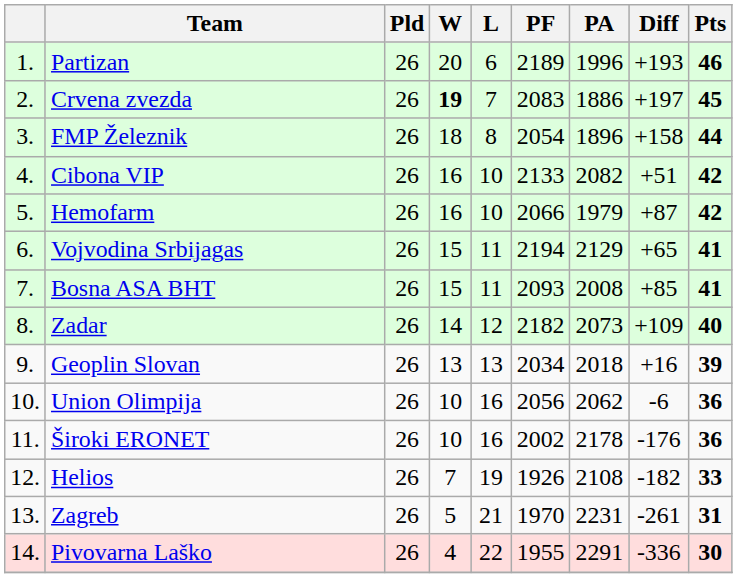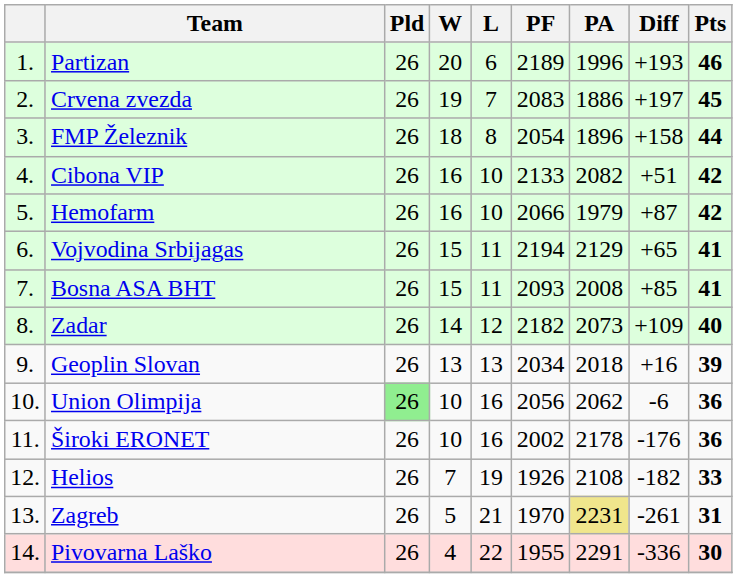 <table class="wikitable sortable" style="text-align:center">
 <tr>
 <th width=15></th>
 <th width=220>Team</th>
 <th width=20>Pld</th>
 <th width=20>W</th>
 <th width=20>L</th>
 <th width=20>PF</th>
 <th width=20>PA</th>
 <th width=30>Diff</th>
 <th width=20>Pts</th>
 </tr>
 <tr bgcolor="#ddffdd">
 <td>1.</td>
 <td align=left><a href='#'>Partizan</a></td>
 <td>26</td>
 <td>20</td>
 <td>6</td>
 <td>2189</td>
 <td>1996</td>
 <td>+193</td>
 <td><strong>46</strong></td>
 </tr>
 <tr bgcolor="#ddffdd">
 <td>2.</td>
 <td align=left><a href='#'>Crvena zvezda</a></td>
 <td>26</td>
-<td><strong>19</strong></td>
+<td>19</td>
 <td>7</td>
 <td>2083</td>
 <td>1886</td>
 <td>+197</td>
 <td><strong>45</strong></td>
 </tr>
 <tr bgcolor="#ddffdd">
 <td>3.</td>
 <td align=left><a href='#'>FMP Železnik</a></td>
 <td>26</td>
 <td>18</td>
 <td>8</td>
 <td>2054</td>
 <td>1896</td>
 <td>+158</td>
 <td><strong>44</strong></td>
 </tr>
 <tr bgcolor="#ddffdd">
 <td>4.</td>
 <td align=left><a href='#'>Cibona VIP</a></td>
 <td>26</td>
 <td>16</td>
 <td>10</td>
 <td>2133</td>
 <td>2082</td>
 <td>+51</td>
 <td><strong>42</strong></td>
 </tr>
 <tr bgcolor="#ddffdd">
 <td>5.</td>
 <td align=left><a href='#'>Hemofarm</a></td>
 <td>26</td>
 <td>16</td>
 <td>10</td>
 <td>2066</td>
 <td>1979</td>
 <td>+87</td>
 <td><strong>42</strong></td>
 </tr>
 <tr bgcolor="#ddffdd">
 <td>6.</td>
 <td align=left><a href='#'>Vojvodina Srbijagas</a></td>
 <td>26</td>
 <td>15</td>
 <td>11</td>
 <td>2194</td>
 <td>2129</td>
 <td>+65</td>
 <td><strong>41</strong></td>
 </tr>
 <tr bgcolor="#ddffdd">
 <td>7.</td>
 <td align=left><a href='#'>Bosna ASA BHT</a></td>
 <td>26</td>
 <td>15</td>
 <td>11</td>
 <td>2093</td>
 <td>2008</td>
 <td>+85</td>
 <td><strong>41</strong></td>
 </tr>
 <tr bgcolor="#ddffdd">
 <td>8.</td>
 <td align=left><a href='#'>Zadar</a></td>
 <td>26</td>
 <td>14</td>
 <td>12</td>
 <td>2182</td>
 <td>2073</td>
 <td>+109</td>
 <td><strong>40</strong></td>
 </tr>
 <tr>
 <td>9.</td>
 <td align=left><a href='#'>Geoplin Slovan</a></td>
 <td>26</td>
 <td>13</td>
 <td>13</td>
 <td>2034</td>
 <td>2018</td>
 <td>+16</td>
 <td><strong>39</strong></td>
 </tr>
 <tr>
 <td>10.</td>
 <td align=left><a href='#'>Union Olimpija</a></td>
-<td>26</td>
+<td style="background: lightgreen;">26</td>
 <td>10</td>
 <td>16</td>
 <td>2056</td>
 <td>2062</td>
 <td>-6</td>
 <td><strong>36</strong></td>
 </tr>
 <tr>
 <td>11.</td>
 <td align=left><a href='#'>Široki ERONET</a></td>
 <td>26</td>
 <td>10</td>
 <td>16</td>
 <td>2002</td>
 <td>2178</td>
 <td>-176</td>
 <td><strong>36</strong></td>
 </tr>
 <tr>
 <td>12.</td>
 <td align=left><a href='#'>Helios</a></td>
 <td>26</td>
 <td>7</td>
 <td>19</td>
 <td>1926</td>
 <td>2108</td>
 <td>-182</td>
 <td><strong>33</strong></td>
 </tr>
 <tr>
 <td>13.</td>
 <td align=left><a href='#'>Zagreb</a></td>
 <td>26</td>
 <td>5</td>
 <td>21</td>
 <td>1970</td>
-<td>2231</td>
+<td style="background: khaki;">2231</td>
 <td>-261</td>
 <td><strong>31</strong></td>
 </tr>
 <tr bgcolor="#ffdddd">
 <td>14.</td>
 <td align=left><a href='#'>Pivovarna Laško</a></td>
 <td>26</td>
 <td>4</td>
 <td>22</td>
 <td>1955</td>
 <td>2291</td>
 <td>-336</td>
 <td><strong>30</strong></td>
 </tr>
 <tr>
 </tr>
 </table>
